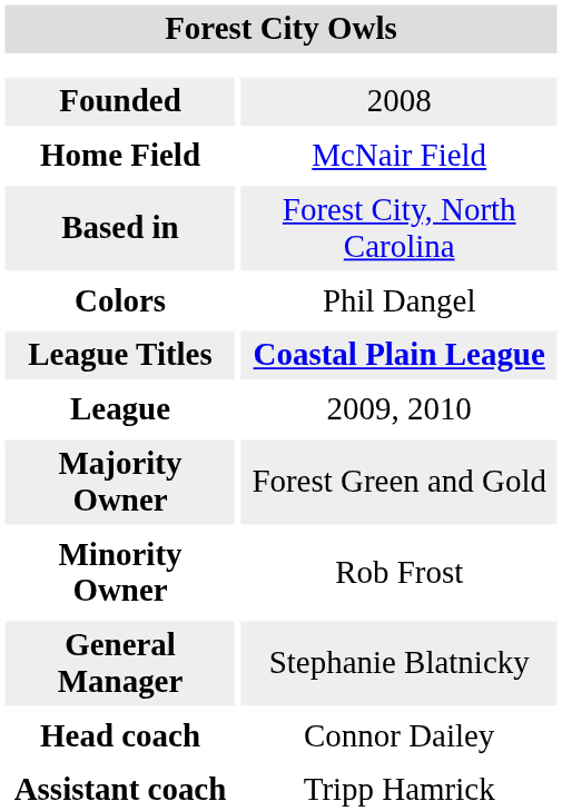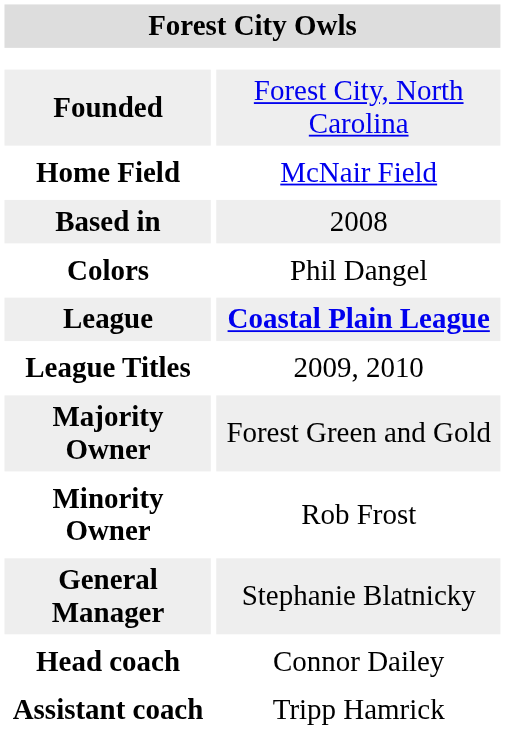 <table border=0  align=right cellpadding=3 cellspacing=3 width=280>
 <tr align="center" bgcolor="#dddddd">
 <td colspan=2><strong>Forest City Owls</strong></td>
 </tr>
 <tr align="center">
 <td colspan=2></td>
 </tr>
 <tr align="center" bgcolor="#eeeeee">
 <td><strong>Founded</strong></td>
-<td>2008</td>
+<td><a href='#'>Forest City, North Carolina</a></td>
 </tr>
 <tr align="center">
 <td><strong>Home Field</strong></td>
 <td><a href='#'>McNair Field</a></td>
 </tr>
 <tr align="center" bgcolor="#eeeeee">
 <td><strong>Based in</strong></td>
-<td><a href='#'>Forest City, North Carolina</a></td>
+<td>2008</td>
 </tr>
 <tr align="center">
 <td><strong>Colors</strong></td>
 <td>Phil Dangel</td>
 </tr>
 <tr align="center" bgcolor="#eeeeee">
-<td><strong>League Titles</strong></td>
+<td><strong>League</strong></td>
 <td><strong><a href='#'>Coastal Plain League</a></strong></td>
 </tr>
 <tr align="center">
-<td><strong>League</strong></td>
+<td><strong>League Titles</strong></td>
 <td>2009, 2010</td>
 </tr>
 <tr align="center" bgcolor="#eeeeee">
 <td><strong>Majority Owner</strong></td>
 <td>Forest Green and Gold</td>
 </tr>
 <tr align="center">
 <td><strong>Minority Owner</strong></td>
 <td>Rob Frost</td>
 </tr>
 <tr align="center" bgcolor="#eeeeee">
 <td><strong>General Manager</strong></td>
 <td>Stephanie Blatnicky</td>
 </tr>
 <tr align="center">
 <td><strong>Head coach</strong></td>
 <td>Connor Dailey</td>
 </tr>
 <tr align="center">
 <td><strong>Assistant coach</strong></td>
 <td>Tripp Hamrick</td>
 </tr>
 <tr align="center">
 </tr>
 </table>
